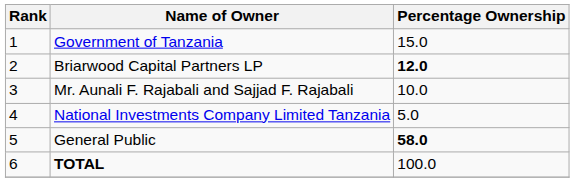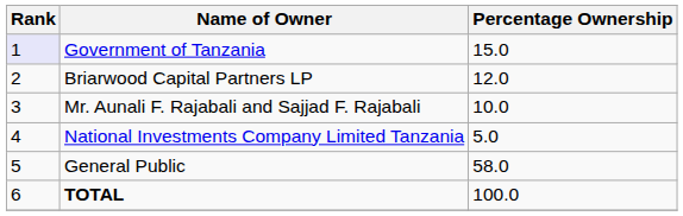 <table class="wikitable sortable" style="margin-left:auto;margin-right:auto">
 <tr>
 <th style="width:2em;">Rank</th>
 <th>Name of Owner</th>
 <th>Percentage Ownership</th>
 </tr>
 <tr>
-<td>1</td>
+<td style="background: lavender;">1</td>
 <td><a href='#'>Government of Tanzania</a></td>
 <td>15.0</td>
 </tr>
 <tr>
 <td>2</td>
 <td>Briarwood Capital Partners LP</td>
-<td><strong>12.0</strong></td>
+<td>12.0</td>
 </tr>
 <tr>
 <td>3</td>
 <td>Mr. Aunali F. Rajabali and Sajjad F. Rajabali</td>
 <td>10.0</td>
 </tr>
 <tr>
 <td>4</td>
 <td><a href='#'>National Investments Company Limited Tanzania</a></td>
 <td>5.0</td>
 </tr>
 <tr>
 <td>5</td>
 <td>General Public</td>
-<td><strong>58.0</strong></td>
+<td>58.0</td>
 </tr>
 <tr>
 <td>6</td>
 <td><strong>TOTAL</strong></td>
 <td>100.0</td>
 </tr>
 <tr>
 </tr>
 </table>
